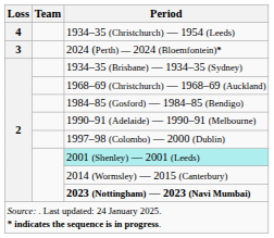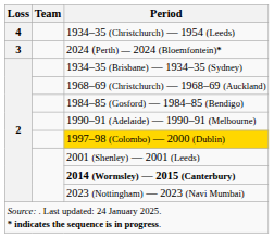 <table class="wikitable">
 <tr>
 <th>Loss</th>
 <th>Team</th>
 <th>Period</th>
 </tr>
 <tr>
 <th>4</th>
 <td></td>
 <td>1934–35 <small>(Christchurch)</small> — 1954 <small>(Leeds)</small></td>
 </tr>
 <tr>
 <th>3</th>
 <td></td>
 <td>2024 (<small>Perth) —</small> 2024 <small>(Bloemfontein)<strong>*</strong></small></td>
 </tr>
 <tr>
 <th rowspan=8>2</th>
 <td></td>
 <td>1934–35 <small>(Brisbane)</small> — 1934–35 <small>(Sydney)</small></td>
 </tr>
 <tr>
 <td></td>
 <td>1968–69 <small>(Christchurch)</small> — 1968–69 <small>(Auckland)</small></td>
 </tr>
 <tr>
 <td></td>
 <td>1984–85 <small>(Gosford)</small> — 1984–85 <small>(Bendigo)</small></td>
 </tr>
 <tr>
 <td></td>
 <td>1990–91 <small>(Adelaide)</small> — 1990–91 <small>(Melbourne)</small></td>
 </tr>
 <tr>
 <td></td>
-<td>1997–98 <small>(Colombo)</small> — 2000 <small>(Dublin)</small></td>
+<td style="background: gold;">1997–98 <small>(Colombo)</small> — 2000 <small>(Dublin)</small></td>
 </tr>
 <tr>
 <td rowspan=3></td>
-<td style="background: paleturquoise;">2001 <small>(Shenley)</small> — 2001 <small>(Leeds)</small></td>
+<td>2001 <small>(Shenley)</small> — 2001 <small>(Leeds)</small></td>
 </tr>
 <tr>
-<td>2014 <small>(Wormsley)</small> — 2015 <small>(Canterbury)</small></td>
+<td><strong>2014 <small>(Wormsley)</small> — 2015 <small>(Canterbury)</small></strong></td>
 </tr>
 <tr>
-<td><strong>2023 <small>(Nottingham)</small> — 2023 <small>(Navi Mumbai)</small></strong></td>
+<td>2023 <small>(Nottingham)</small> — 2023 <small>(Navi Mumbai)</small></td>
 </tr>
 <tr>
 <td colspan=3><small><em>Source: </em>. Last updated: 24 January 2025. <br><strong>* indicates the sequence is in progress</strong>.</small></td>
 </tr>
 </table>
